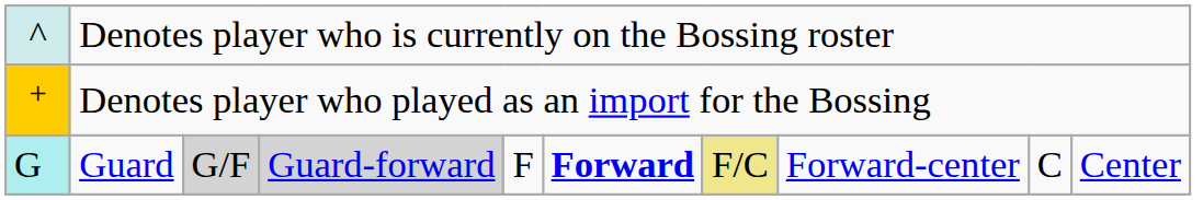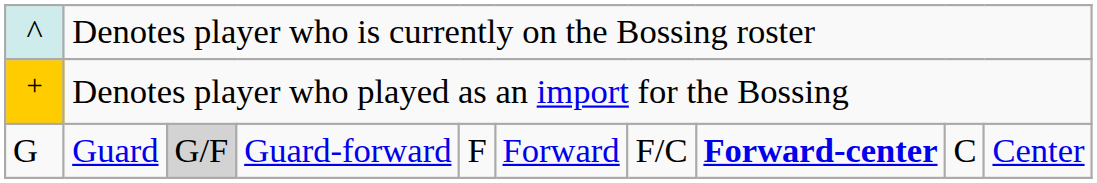 <table class="wikitable">
 <tr>
 <td align="center" bgcolor="#CFECEC" width="20">^</td>
 <td colspan=9>Denotes player who is currently on the Bossing roster</td>
 </tr>
 <tr>
 <td align="center" bgcolor="#FFCC00" width="20"><sup>+</sup></td>
 <td colspan=9>Denotes player who played as an <a href='#'>import</a> for the Bossing</td>
 </tr>
 <tr>
-<td style="background: paleturquoise;">G</td>
+<td>G</td>
 <td><a href='#'>Guard</a></td>
 <td style="background: lightgrey;">G/F</td>
-<td style="background: lightgrey;"><a href='#'>Guard-forward</a></td>
+<td><a href='#'>Guard-forward</a></td>
 <td>F</td>
-<td><strong><a href='#'>Forward</a></strong></td>
-<td style="background: khaki;">F/C</td>
-<td><a href='#'>Forward-center</a></td>
+<td><a href='#'>Forward</a></td>
+<td>F/C</td>
+<td><strong><a href='#'>Forward-center</a></strong></td>
 <td>C</td>
 <td><a href='#'>Center</a></td>
 </tr>
 </table>
